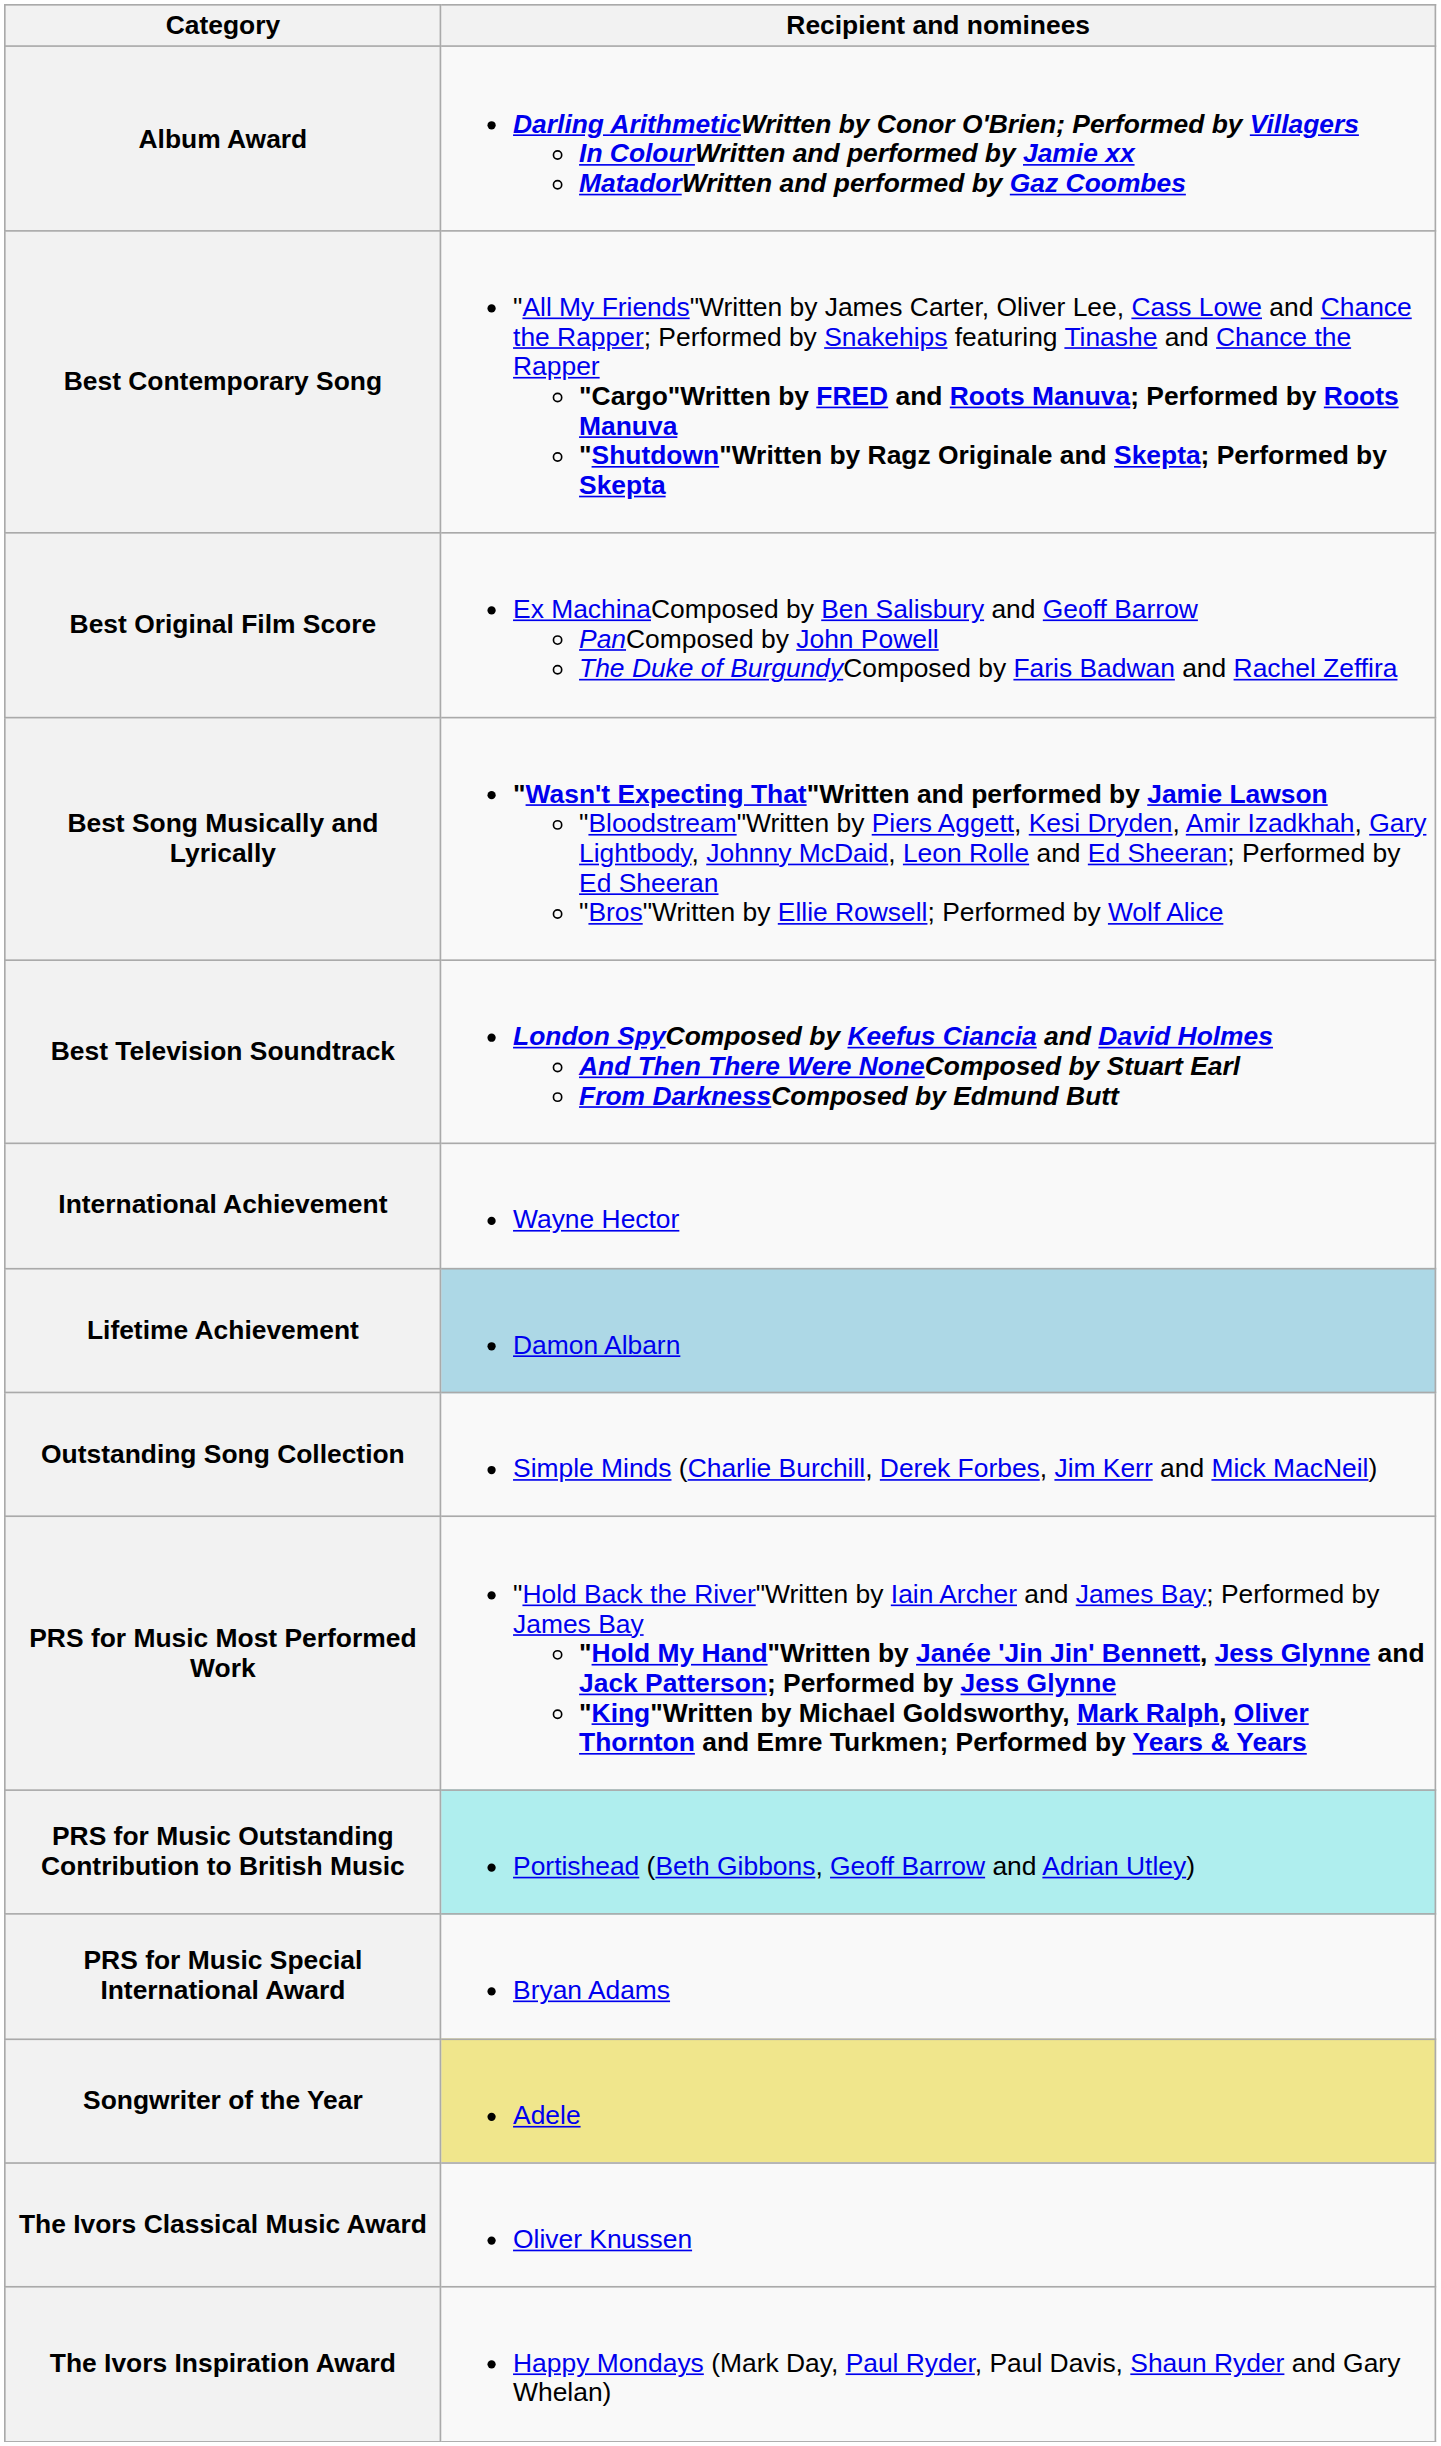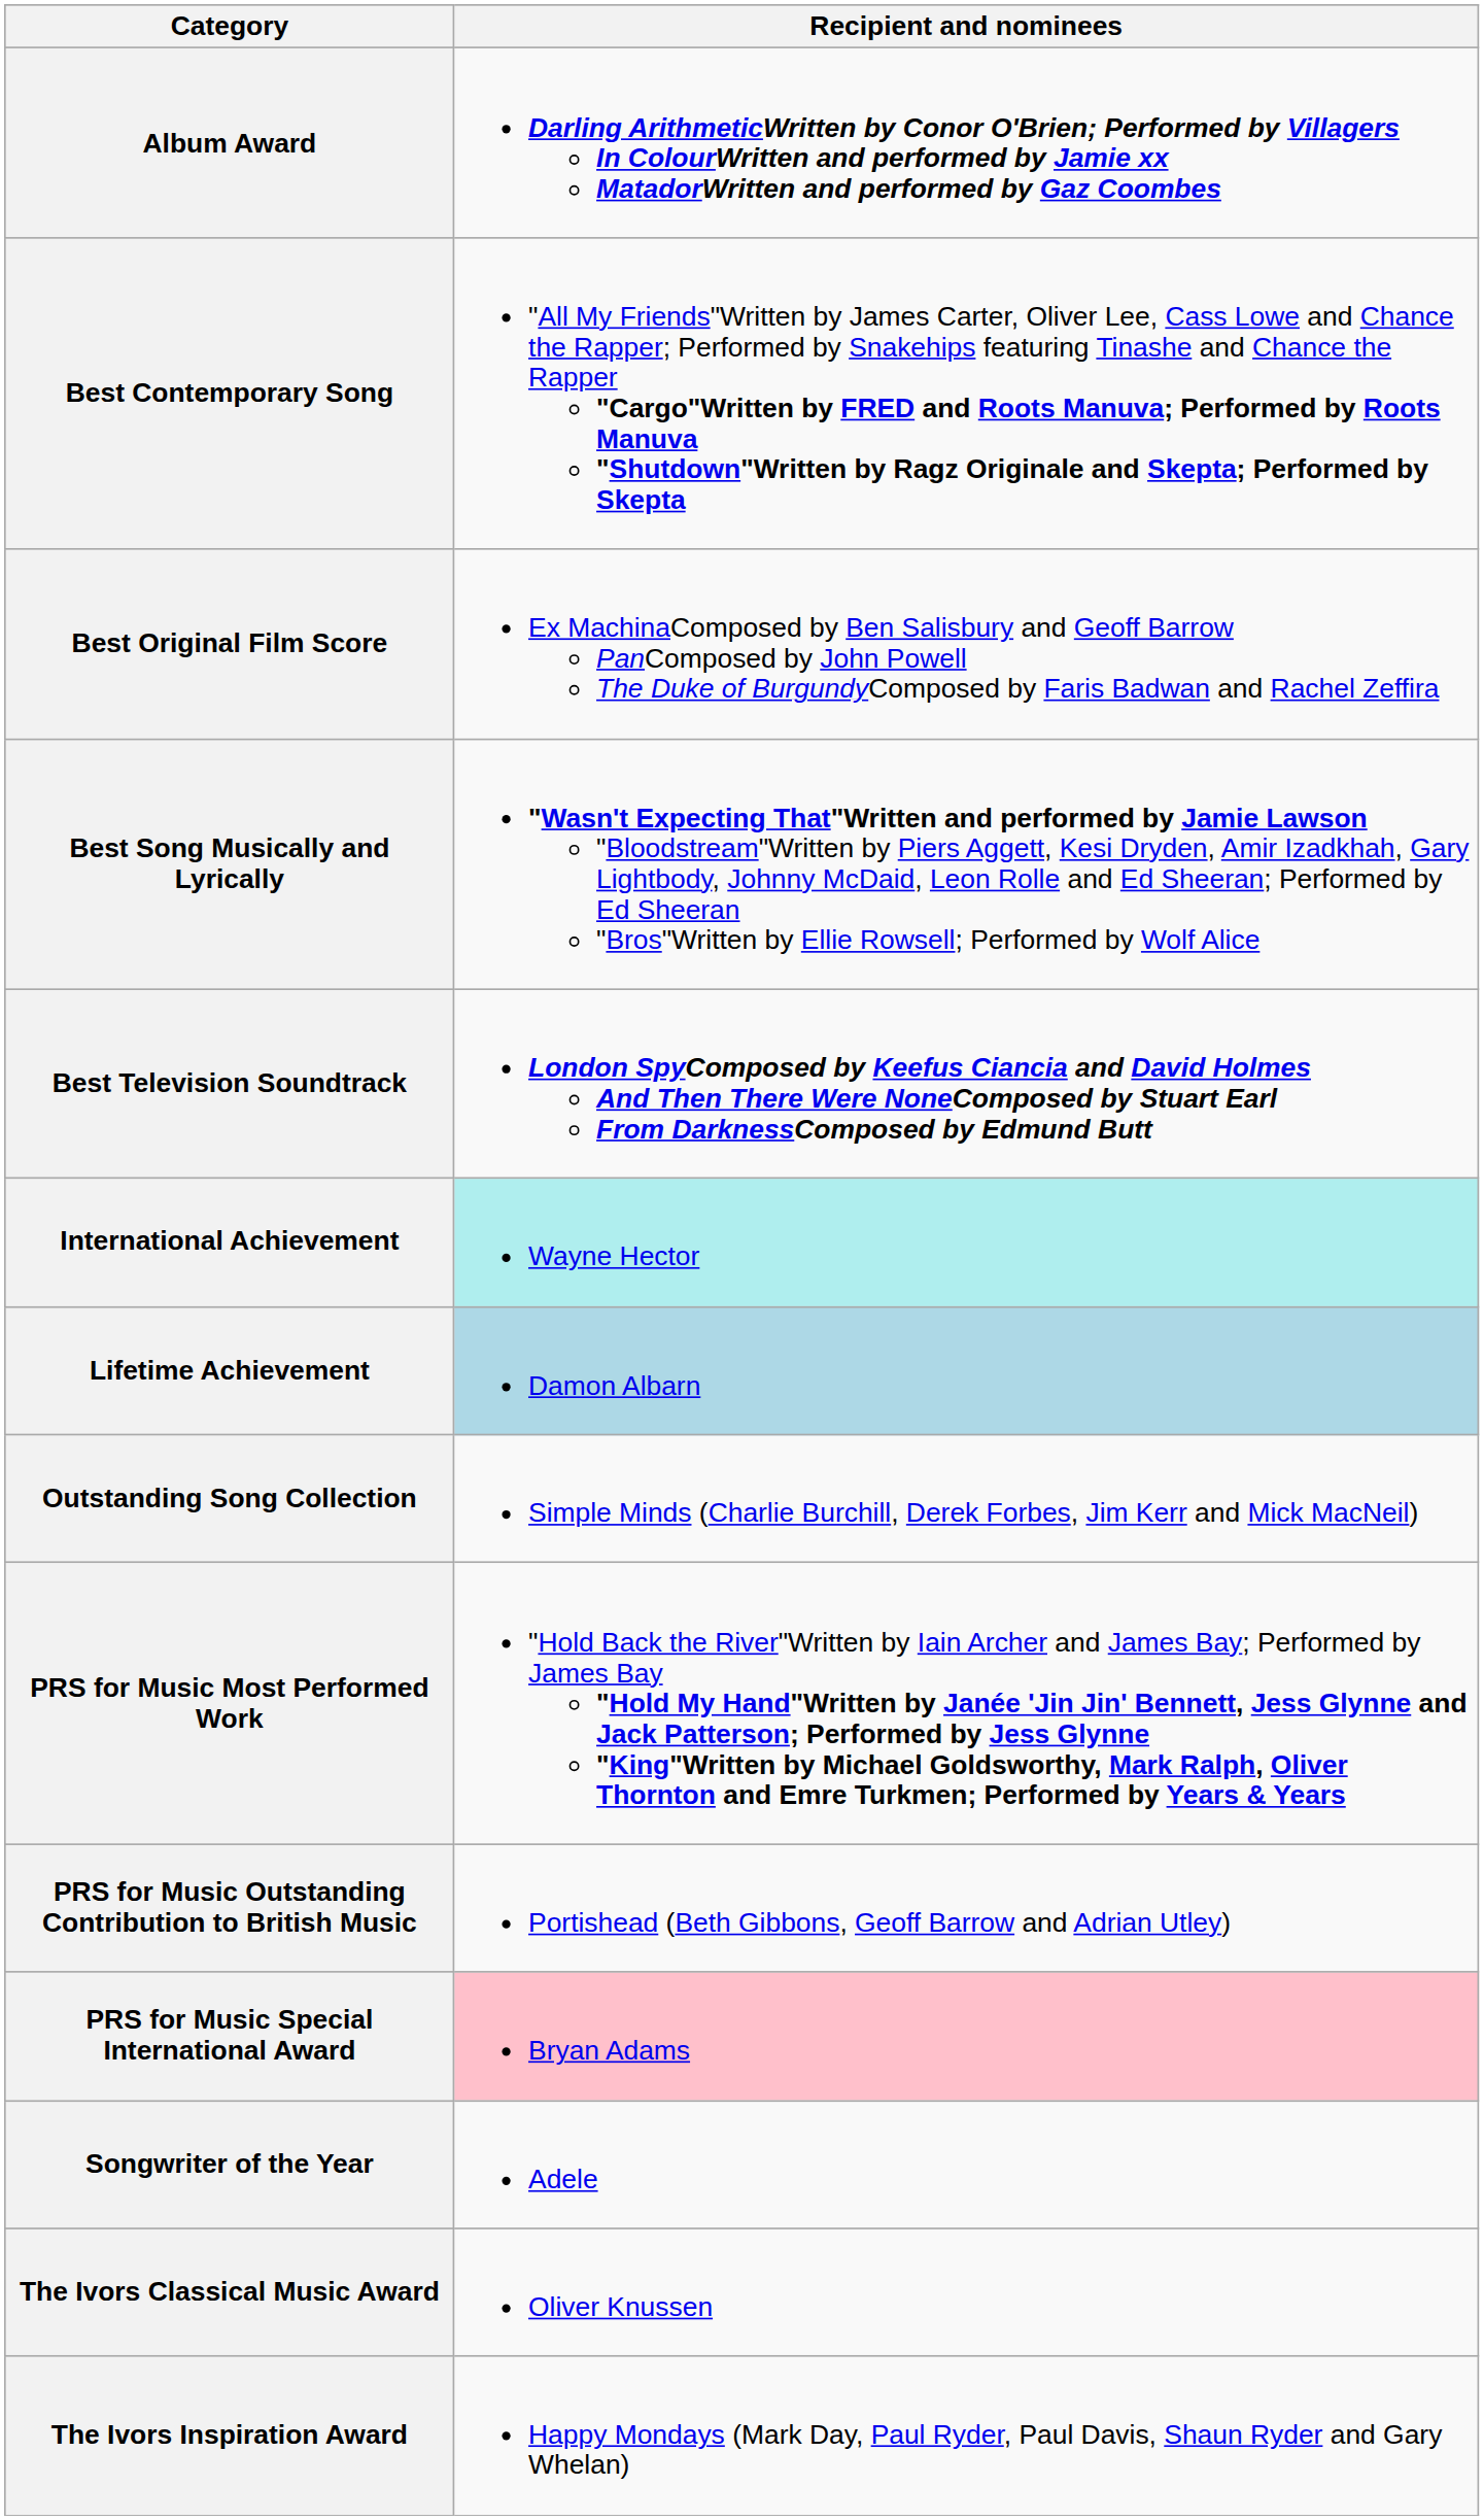 <table class="wikitable">
 <tr>
 <th width="25%">Category</th>
 <th width="57%">Recipient and nominees</th>
 </tr>
 <tr>
 <th scope="row">Album Award</th>
 <td><br><ul><li><strong><em><a href='#'>Darling Arithmetic</a><em>Written by Conor O'Brien; Performed by <a href='#'>Villagers</a><strong><ul><li></em><a href='#'>In Colour</a><em>Written and performed by <a href='#'>Jamie xx</a></li><li></em><a href='#'>Matador</a><em>Written and performed by <a href='#'>Gaz Coombes</a></li></ul></li></ul></td>
 </tr>
 <tr>
 <th scope="row">Best Contemporary Song</th>
 <td><br><ul><li></strong>"<a href='#'>All My Friends</a>"Written by James Carter, Oliver Lee, <a href='#'>Cass Lowe</a> and <a href='#'>Chance the Rapper</a>; Performed by <a href='#'>Snakehips</a> featuring <a href='#'>Tinashe</a> and <a href='#'>Chance the Rapper</a><strong><ul><li>"Cargo"Written by <a href='#'>FRED</a> and <a href='#'>Roots Manuva</a>; Performed by <a href='#'>Roots Manuva</a></li><li>"<a href='#'>Shutdown</a>"Written by Ragz Originale and <a href='#'>Skepta</a>; Performed by <a href='#'>Skepta</a></li></ul></li></ul></td>
 </tr>
 <tr>
 <th scope="row">Best Original Film Score</th>
 <td><br><ul><li></em></strong><a href='#'>Ex Machina</a></em>Composed by <a href='#'>Ben Salisbury</a> and <a href='#'>Geoff Barrow</a></strong><ul><li><em><a href='#'>Pan</a></em>Composed by <a href='#'>John Powell</a></li><li><em><a href='#'>The Duke of Burgundy</a></em>Composed by <a href='#'>Faris Badwan</a> and <a href='#'>Rachel Zeffira</a></li></ul></li></ul></td>
 </tr>
 <tr>
 <th scope="row">Best Song Musically and Lyrically</th>
 <td><br><ul><li><strong>"<a href='#'>Wasn't Expecting That</a>"Written and performed by <a href='#'>Jamie Lawson</a></strong><ul><li>"<a href='#'>Bloodstream</a>"Written by <a href='#'>Piers Aggett</a>, <a href='#'>Kesi Dryden</a>, <a href='#'>Amir Izadkhah</a>, <a href='#'>Gary Lightbody</a>, <a href='#'>Johnny McDaid</a>, <a href='#'>Leon Rolle</a> and <a href='#'>Ed Sheeran</a>; Performed by <a href='#'>Ed Sheeran</a></li><li>"<a href='#'>Bros</a>"Written by <a href='#'>Ellie Rowsell</a>; Performed by <a href='#'>Wolf Alice</a></li></ul></li></ul></td>
 </tr>
 <tr>
 <th scope="row">Best Television Soundtrack</th>
 <td><br><ul><li><strong><em><a href='#'>London Spy</a><em>Composed by <a href='#'>Keefus Ciancia</a> and <a href='#'>David Holmes</a><strong><ul><li></em><a href='#'>And Then There Were None</a><em>Composed by Stuart Earl</li><li></em><a href='#'>From Darkness</a><em>Composed by Edmund Butt</li></ul></li></ul></td>
 </tr>
 <tr>
 <th scope="row">International Achievement</th>
-<td><br><ul><li></strong><a href='#'>Wayne Hector</a><strong></li></ul></td>
+<td style="background: paleturquoise;"><br><ul><li></strong><a href='#'>Wayne Hector</a><strong></li></ul></td>
 </tr>
 <tr>
 <th scope="row">Lifetime Achievement</th>
 <td style="background: lightblue;"><br><ul><li></strong><a href='#'>Damon Albarn</a><strong></li></ul></td>
 </tr>
 <tr>
 <th scope="row">Outstanding Song Collection</th>
 <td><br><ul><li></strong><a href='#'>Simple Minds</a> (<a href='#'>Charlie Burchill</a>, <a href='#'>Derek Forbes</a>, <a href='#'>Jim Kerr</a> and <a href='#'>Mick MacNeil</a>)<strong></li></ul></td>
 </tr>
 <tr>
 <th scope="row">PRS for Music Most Performed Work</th>
 <td><br><ul><li></strong>"<a href='#'>Hold Back the River</a>"Written by <a href='#'>Iain Archer</a> and <a href='#'>James Bay</a>; Performed by <a href='#'>James Bay</a><strong><ul><li>"<a href='#'>Hold My Hand</a>"Written by <a href='#'>Janée 'Jin Jin' Bennett</a>, <a href='#'>Jess Glynne</a> and <a href='#'>Jack Patterson</a>; Performed by <a href='#'>Jess Glynne</a></li><li>"<a href='#'>King</a>"Written by Michael Goldsworthy, <a href='#'>Mark Ralph</a>, <a href='#'>Oliver Thornton</a> and Emre Turkmen; Performed by <a href='#'>Years & Years</a></li></ul></li></ul></td>
 </tr>
 <tr>
 <th scope="row">PRS for Music Outstanding Contribution to British Music</th>
-<td style="background: paleturquoise;"><br><ul><li></strong><a href='#'>Portishead</a> (<a href='#'>Beth Gibbons</a>, <a href='#'>Geoff Barrow</a> and <a href='#'>Adrian Utley</a>)<strong></li></ul></td>
+<td><br><ul><li></strong><a href='#'>Portishead</a> (<a href='#'>Beth Gibbons</a>, <a href='#'>Geoff Barrow</a> and <a href='#'>Adrian Utley</a>)<strong></li></ul></td>
 </tr>
 <tr>
 <th scope="row">PRS for Music Special International Award</th>
-<td><br><ul><li></strong><a href='#'>Bryan Adams</a><strong></li></ul></td>
+<td style="background: pink;"><br><ul><li></strong><a href='#'>Bryan Adams</a><strong></li></ul></td>
 </tr>
 <tr>
 <th scope="row">Songwriter of the Year</th>
-<td style="background: khaki;"><br><ul><li></strong><a href='#'>Adele</a><strong></li></ul></td>
+<td><br><ul><li></strong><a href='#'>Adele</a><strong></li></ul></td>
 </tr>
 <tr>
 <th scope="row">The Ivors Classical Music Award</th>
 <td><br><ul><li></strong><a href='#'>Oliver Knussen</a><strong></li></ul></td>
 </tr>
 <tr>
 <th scope="row">The Ivors Inspiration Award</th>
 <td><br><ul><li></strong><a href='#'>Happy Mondays</a> (Mark Day, <a href='#'>Paul Ryder</a>, Paul Davis, <a href='#'>Shaun Ryder</a> and Gary Whelan)<strong></li></ul></td>
 </tr>
 </table>
